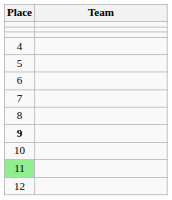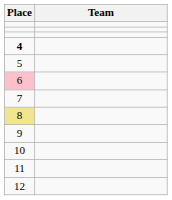 <table class="wikitable" style="text-align: center;">
 <tr>
 <th width=35>Place</th>
 <th width=185>Team</th>
 </tr>
 <tr>
 <td></td>
 <td style="text-align:left;"></td>
 </tr>
 <tr align=center>
 <td></td>
 <td style="text-align:left;"></td>
 </tr>
 <tr align=center>
 <td></td>
 <td style="text-align:left;"></td>
 </tr>
 <tr align=center>
-<td>4</td>
+<td><strong>4</strong></td>
 <td style="text-align:left;"></td>
 </tr>
 <tr align=center>
 <td>5</td>
 <td style="text-align:left;"></td>
 </tr>
 <tr align=center>
-<td>6</td>
+<td style="background: pink;">6</td>
 <td style="text-align:left;"></td>
 </tr>
 <tr align=center>
 <td>7</td>
 <td style="text-align:left;"></td>
 </tr>
 <tr align=center>
-<td>8</td>
+<td style="background: khaki;">8</td>
 <td style="text-align:left;"></td>
 </tr>
 <tr align=center>
-<td><strong>9</strong></td>
+<td>9</td>
 <td style="text-align:left;"></td>
 </tr>
 <tr align=center>
 <td>10</td>
 <td style="text-align:left;"></td>
 </tr>
 <tr align=center>
-<td style="background: lightgreen;">11</td>
+<td>11</td>
 <td style="text-align:left;"></td>
 </tr>
 <tr align=center>
 <td>12</td>
 <td style="text-align:left;"></td>
 </tr>
 </table>
